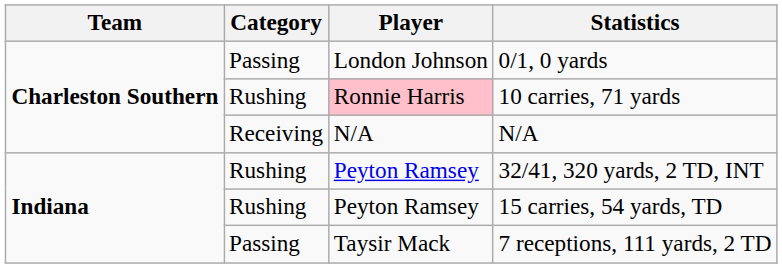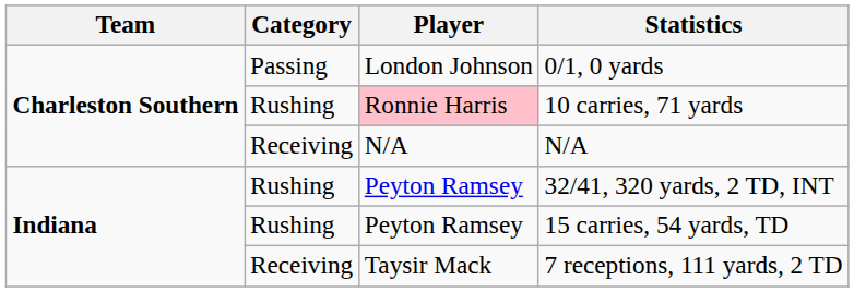 <table class="wikitable" style="float: right;">
 <tr>
 <th>Team</th>
 <th>Category</th>
 <th>Player</th>
 <th>Statistics</th>
 </tr>
 <tr –>
 <td rowspan=3><strong>Charleston Southern</strong></td>
 <td>Passing</td>
 <td>London Johnson</td>
 <td>0/1, 0 yards</td>
 </tr>
 <tr>
 <td>Rushing</td>
 <td style="background: pink;">Ronnie Harris</td>
 <td>10 carries, 71 yards</td>
 </tr>
 <tr>
 <td>Receiving</td>
 <td>N/A</td>
 <td>N/A</td>
 </tr>
 <tr>
 <td rowspan=3><strong>Indiana</strong></td>
 <td>Rushing</td>
 <td><a href='#'>Peyton Ramsey</a></td>
 <td>32/41, 320 yards, 2 TD, INT</td>
 </tr>
 <tr>
 <td>Rushing</td>
 <td>Peyton Ramsey</td>
 <td>15 carries, 54 yards, TD</td>
 </tr>
 <tr>
-<td>Passing</td>
+<td>Receiving</td>
 <td>Taysir Mack</td>
 <td>7 receptions, 111 yards, 2 TD</td>
 </tr>
 </table>
